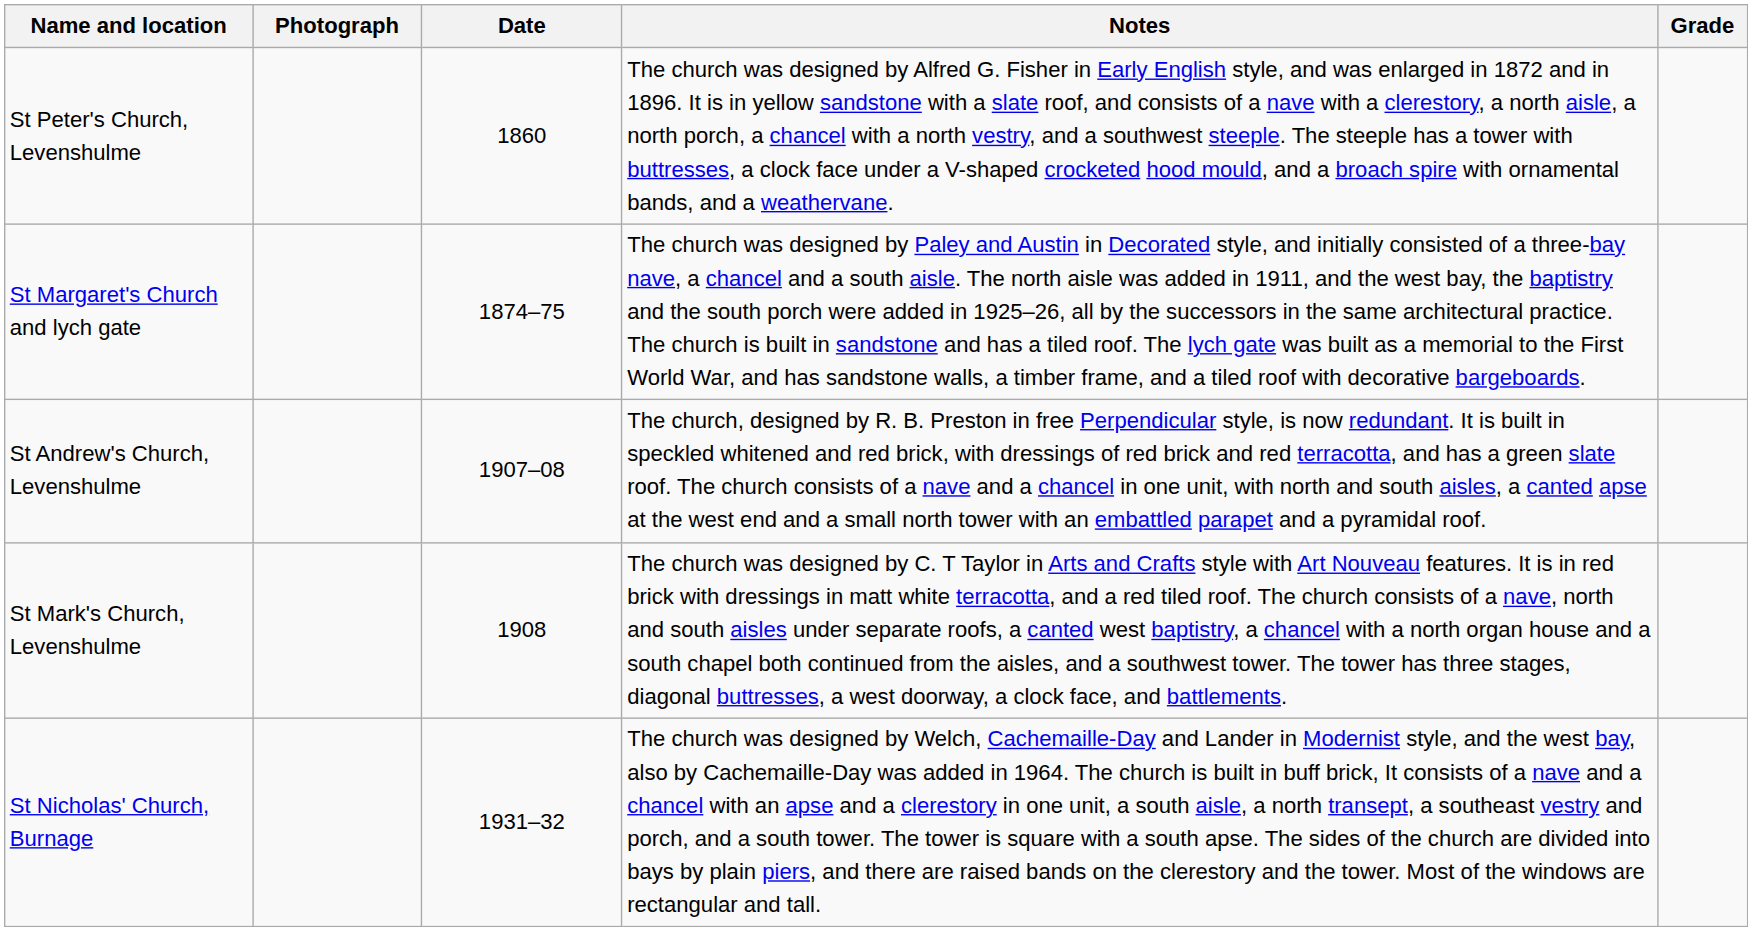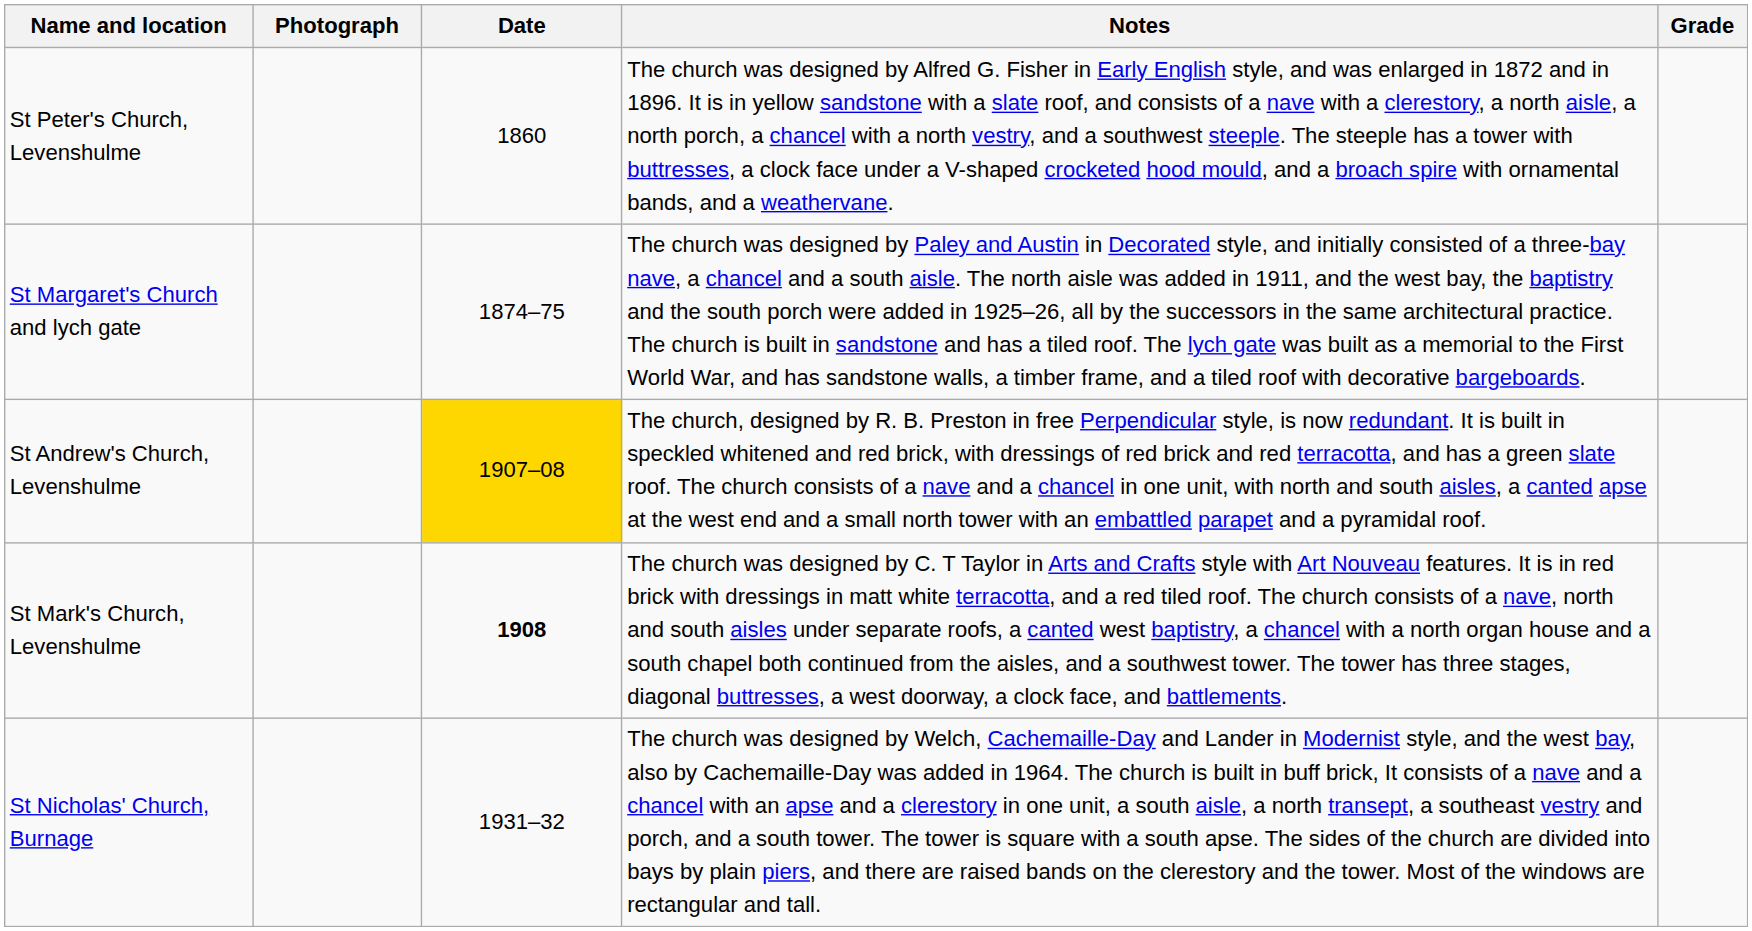 <table class="wikitable sortable plainrowheaders" style="width:100%; border:0; text-align:left; line-height:150%;">
 <tr>
 <th scope="col" style="width:150px">Name and location</th>
 <th scope="col" style="width:100px" class="unsortable">Photograph</th>
 <th scope="col" style="width:120px">Date</th>
 <th scope="col" style="width:650px" class="unsortable">Notes</th>
 <th scope="col" style="width:50px">Grade</th>
 </tr>
 <tr>
 <td>St Peter's Church, Levenshulme<br><small></small></td>
 <td></td>
 <td align="center">1860</td>
 <td>The church was designed by Alfred G. Fisher in <a href='#'>Early English</a> style, and was enlarged in 1872 and in 1896. It is in yellow <a href='#'>sandstone</a> with a <a href='#'>slate</a> roof, and consists of a <a href='#'>nave</a> with a <a href='#'>clerestory</a>, a north <a href='#'>aisle</a>, a north porch, a <a href='#'>chancel</a> with a north <a href='#'>vestry</a>, and a southwest <a href='#'>steeple</a>. The steeple has a tower with <a href='#'>buttresses</a>, a clock face under a V-shaped <a href='#'>crocketed</a> <a href='#'>hood mould</a>, and a <a href='#'>broach spire</a> with ornamental bands, and a <a href='#'>weathervane</a>.</td>
 <td align="center" ></td>
 </tr>
 <tr>
 <td><a href='#'>St Margaret's Church</a> and lych gate<br><small></small></td>
 <td></td>
 <td align="center">1874–75</td>
 <td>The church was designed by <a href='#'>Paley and Austin</a> in <a href='#'>Decorated</a> style, and initially consisted of a three-<a href='#'>bay</a> <a href='#'>nave</a>, a <a href='#'>chancel</a> and a south <a href='#'>aisle</a>. The north aisle was added in 1911, and the west bay, the <a href='#'>baptistry</a> and the south porch were added in 1925–26, all by the successors in the same architectural practice. The church is built in <a href='#'>sandstone</a> and has a tiled roof. The <a href='#'>lych gate</a> was built as a memorial to the First World War, and has sandstone walls, a timber frame, and a tiled roof with decorative <a href='#'>bargeboards</a>.</td>
 <td align="center" ></td>
 </tr>
 <tr>
 <td>St Andrew's Church, Levenshulme<br><small></small></td>
 <td></td>
-<td align="center">1907–08</td>
+<td align="center" style="background: gold;">1907–08</td>
 <td>The church, designed by R. B. Preston in free <a href='#'>Perpendicular</a> style, is now <a href='#'>redundant</a>. It is built in speckled whitened and red brick, with dressings of red brick and red <a href='#'>terracotta</a>, and has a green <a href='#'>slate</a> roof. The church consists of a <a href='#'>nave</a> and a <a href='#'>chancel</a> in one unit, with north and south <a href='#'>aisles</a>, a <a href='#'>canted</a> <a href='#'>apse</a> at the west end and a small north tower with an <a href='#'>embattled</a> <a href='#'>parapet</a> and a pyramidal roof.</td>
 <td align="center" ></td>
 </tr>
 <tr>
 <td>St Mark's Church, Levenshulme<br><small></small></td>
 <td></td>
-<td align="center">1908</td>
+<td align="center"><strong>1908</strong></td>
 <td>The church was designed by C. T Taylor in <a href='#'>Arts and Crafts</a> style with <a href='#'>Art Nouveau</a> features. It is in red brick with dressings in matt white <a href='#'>terracotta</a>, and a red tiled roof. The church consists of a <a href='#'>nave</a>, north and south <a href='#'>aisles</a> under separate roofs, a <a href='#'>canted</a> west <a href='#'>baptistry</a>, a <a href='#'>chancel</a> with a north organ house and a south chapel both continued from the aisles, and a southwest tower. The tower has three stages, diagonal <a href='#'>buttresses</a>, a west doorway, a clock face, and <a href='#'>battlements</a>.</td>
 <td align="center" ></td>
 </tr>
 <tr>
 <td><a href='#'>St Nicholas' Church, Burnage</a><br><small></small></td>
 <td></td>
 <td align="center">1931–32</td>
 <td>The church was designed by Welch, <a href='#'>Cachemaille-Day</a> and Lander in <a href='#'>Modernist</a> style, and the west <a href='#'>bay</a>, also by Cachemaille-Day was added in 1964. The church is built in buff brick, It consists of a <a href='#'>nave</a> and a <a href='#'>chancel</a> with an <a href='#'>apse</a> and a <a href='#'>clerestory</a> in one unit, a south <a href='#'>aisle</a>, a north <a href='#'>transept</a>, a southeast <a href='#'>vestry</a> and porch, and a south tower. The tower is square with a south apse. The sides of the church are divided into bays by plain <a href='#'>piers</a>, and there are raised bands on the clerestory and the tower. Most of the windows are rectangular and tall.</td>
 <td align="center" ></td>
 </tr>
 <tr>
 </tr>
 </table>
